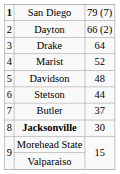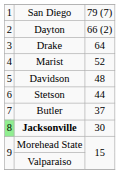 <table class="wikitable">
 <tr align="center">
 </tr>
 <tr align="center">
-<td><strong>1</strong></td>
+<td>1</td>
 <td>San Diego</td>
 <td>79 (7)</td>
 </tr>
 <tr align="center">
 <td>2</td>
 <td>Dayton</td>
 <td>66 (2)</td>
 </tr>
 <tr align="center">
 <td>3</td>
 <td>Drake</td>
 <td>64</td>
 </tr>
 <tr align="center">
 <td>4</td>
 <td>Marist</td>
 <td>52</td>
 </tr>
 <tr align="center">
 <td>5</td>
 <td>Davidson</td>
 <td>48</td>
 </tr>
 <tr align="center">
 <td>6</td>
 <td>Stetson</td>
 <td>44</td>
 </tr>
 <tr align="center">
 <td>7</td>
 <td>Butler</td>
 <td>37</td>
 </tr>
 <tr align="center">
-<td>8</td>
+<td style="background: lightgreen;">8</td>
 <td><strong>Jacksonville</strong></td>
 <td>30</td>
 </tr>
 <tr align="center">
 <td rowspan=2>9</td>
 <td>Morehead State</td>
 <td rowspan=2>15</td>
 </tr>
 <tr align="center">
 <td>Valparaiso</td>
 </tr>
 <tr>
 </tr>
 </table>
